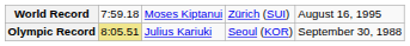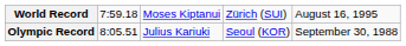 <table class="wikitable" style="font-size:95%;">
 <tr>
 <th>World Record</th>
 <td>7:59.18</td>
 <td> <a href='#'>Moses Kiptanui</a></td>
 <td><a href='#'>Zürich</a> (<a href='#'>SUI</a>)</td>
 <td>August 16, 1995</td>
 </tr>
 <tr>
 <th>Olympic Record</th>
-<td style="background: khaki;">8:05.51</td>
+<td>8:05.51</td>
 <td> <a href='#'>Julius Kariuki</a></td>
 <td><a href='#'>Seoul</a> (<a href='#'>KOR</a>)</td>
 <td>September 30, 1988</td>
 </tr>
 </table>
